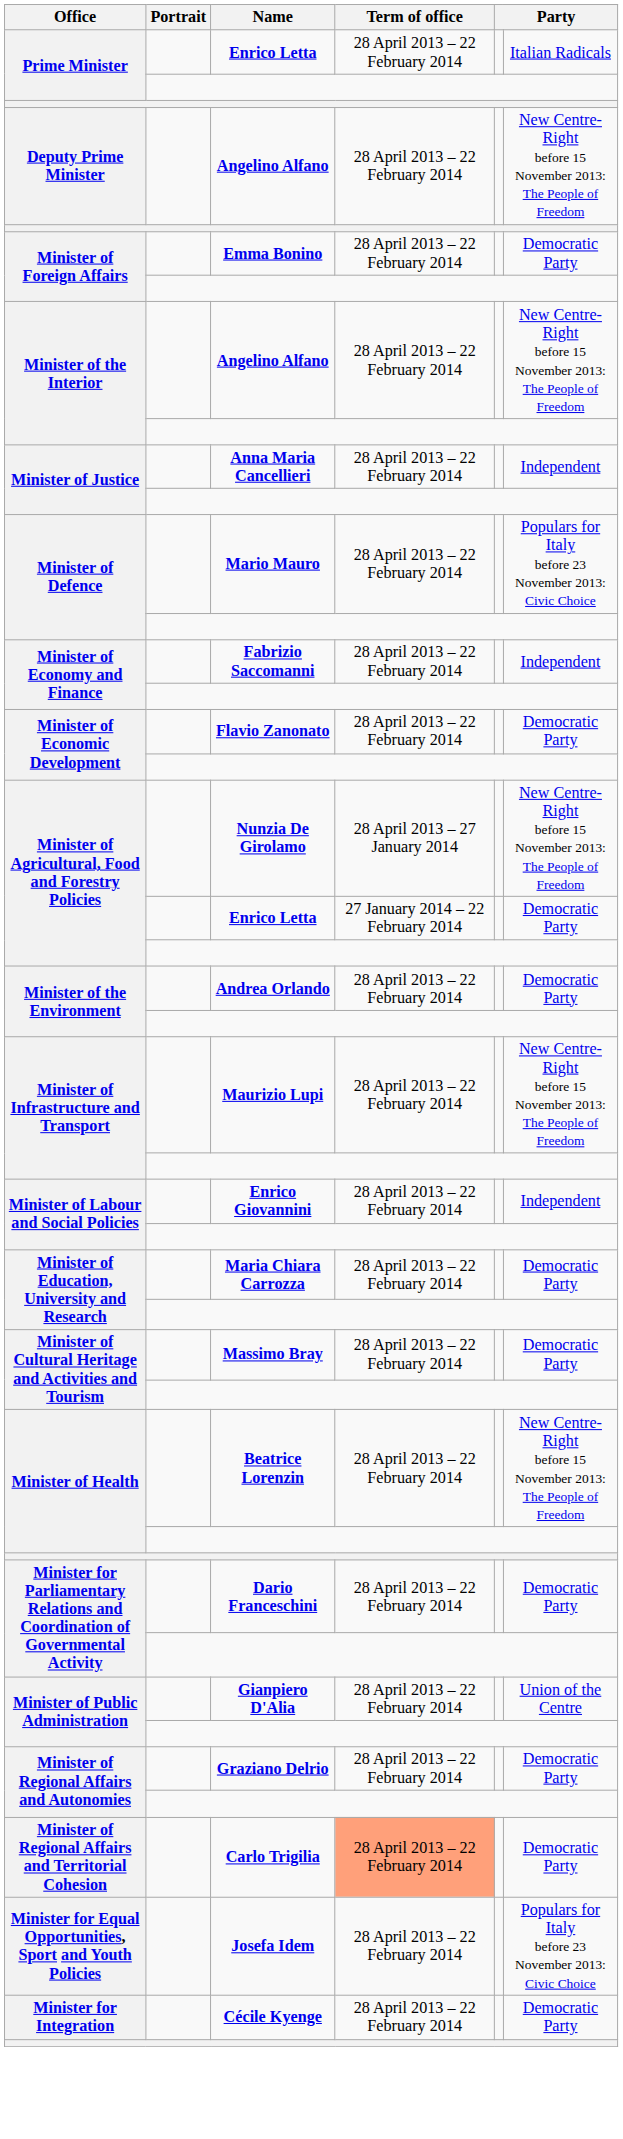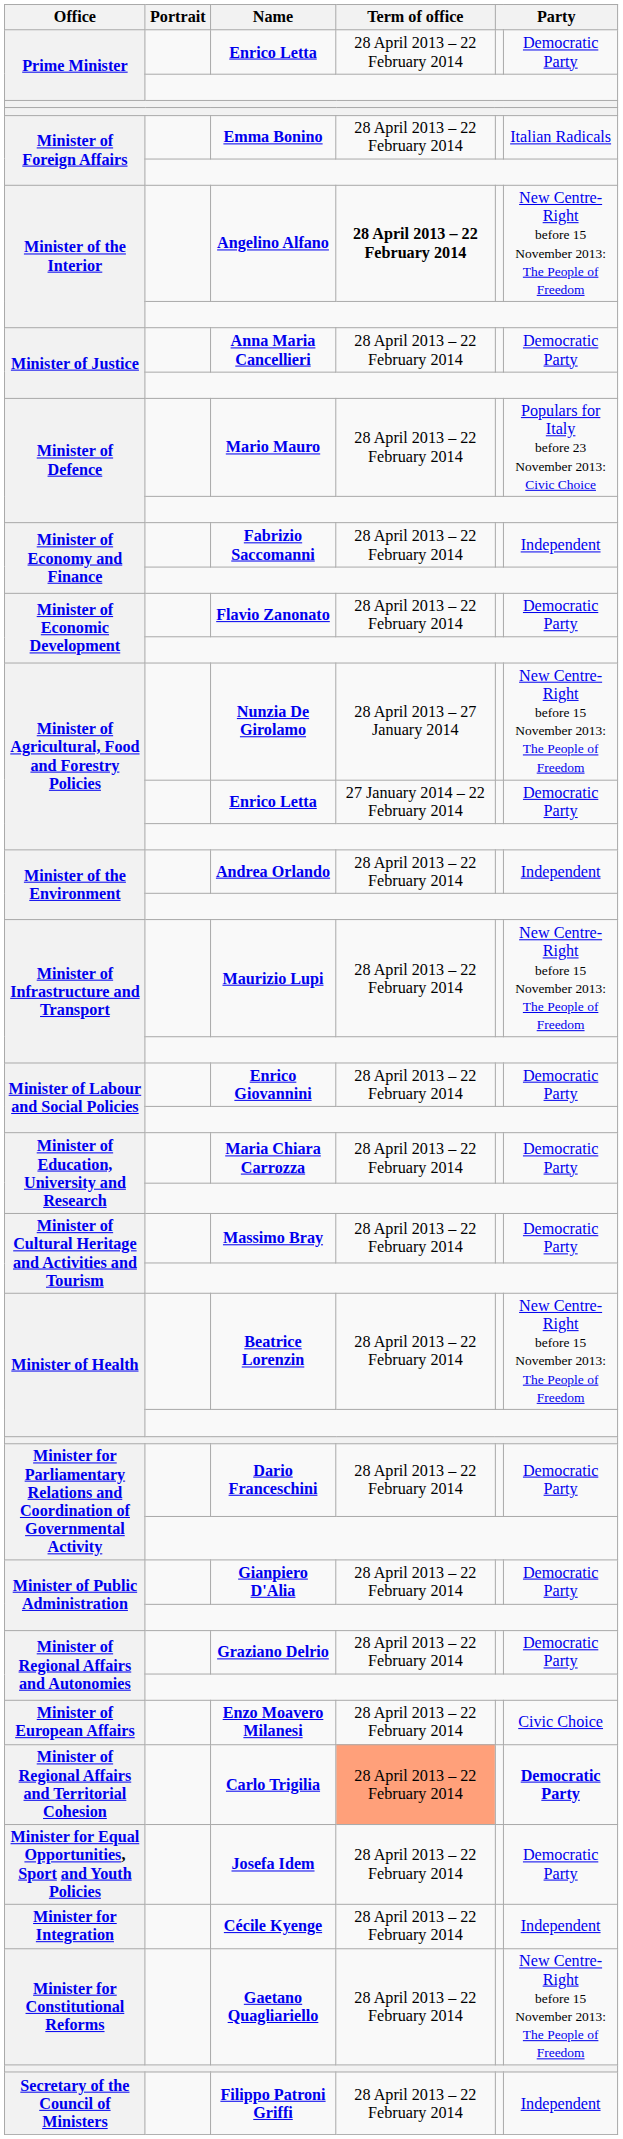 <table class="wikitable" style="text-align:center;">
 <tr>
 <th width=15%>Office</th>
 <th width=1%>Portrait</th>
 <th width=15%>Name</th>
 <th width=20%>Term of office</th>
 <th width=15% colspan=2>Party</th>
 </tr>
 <tr>
 <th rowspan=2><a href='#'>Prime Minister</a></th>
 <td></td>
 <td><strong><a href='#'>Enrico Letta</a></strong></td>
 <td>28 April 2013 – 22 February 2014</td>
 <td></td>
-<td><a href='#'>Italian Radicals</a></td>
+<td><a href='#'>Democratic Party</a></td>
 </tr>
 <tr>
 <td colspan="5" style="font-size:95%; line-height:19px;"><br></td>
 </tr>
 <tr>
 <th colspan=6></th>
-</tr>
-<tr>
-<th><a href='#'>Deputy Prime Minister</a></th>
-<td></td>
-<td><strong><a href='#'>Angelino Alfano</a></strong></td>
-<td>28 April 2013 – 22 February 2014</td>
-<td></td>
-<td><a href='#'>New Centre-Right</a><br><small>before 15 November 2013:<br><a href='#'>The People of Freedom</a></small></td>
 </tr>
 <tr>
 <th colspan=6></th>
 </tr>
 <tr>
 <th rowspan=2><a href='#'>Minister of Foreign Affairs</a></th>
 <td></td>
 <td><strong><a href='#'>Emma Bonino</a></strong></td>
 <td>28 April 2013 – 22 February 2014</td>
 <td></td>
-<td><a href='#'>Democratic Party</a></td>
+<td><a href='#'>Italian Radicals</a></td>
 </tr>
 <tr>
 <td colspan="5" style="font-size:95%; line-height:19px;"><br> </td>
 </tr>
 <tr>
 <th rowspan=2><a href='#'>Minister of the Interior</a></th>
 <td></td>
 <td><strong><a href='#'>Angelino Alfano</a></strong></td>
-<td>28 April 2013 – 22 February 2014</td>
+<td><strong>28 April 2013 – 22 February 2014</strong></td>
 <td></td>
 <td><a href='#'>New Centre-Right</a><br><small>before 15 November 2013:<br><a href='#'>The People of Freedom</a></small></td>
 </tr>
 <tr>
 <td colspan="5" style="font-size:95%; line-height:19px;"><br> </td>
 </tr>
 <tr>
 <th rowspan=2><a href='#'>Minister of Justice</a></th>
 <td></td>
 <td><strong><a href='#'>Anna Maria Cancellieri</a></strong></td>
 <td>28 April 2013 – 22 February 2014</td>
 <td style="color:inherit;background:"></td>
-<td><a href='#'>Independent</a></td>
+<td><a href='#'>Democratic Party</a></td>
 </tr>
 <tr>
 <td colspan="5" style="font-size:95%; line-height:19px;"><br></td>
 </tr>
 <tr>
 <th rowspan=2><a href='#'>Minister of Defence</a></th>
 <td></td>
 <td><strong><a href='#'>Mario Mauro</a></strong></td>
 <td>28 April 2013 – 22 February 2014</td>
 <td></td>
 <td><a href='#'>Populars for Italy</a><br><small>before 23 November 2013:<br><a href='#'>Civic Choice</a></small></td>
 </tr>
 <tr>
 <td colspan="5" style="font-size:95%; line-height:19px;"><br></td>
 </tr>
 <tr>
 <th rowspan=2><a href='#'>Minister of Economy and Finance</a></th>
 <td></td>
 <td><strong><a href='#'>Fabrizio Saccomanni</a></strong></td>
 <td>28 April 2013 – 22 February 2014</td>
 <td style="color:inherit;background:"></td>
 <td><a href='#'>Independent</a></td>
 </tr>
 <tr>
 <td colspan="5" style="font-size:95%; line-height:19px;"><br> </td>
 </tr>
 <tr>
 <th rowspan=2><a href='#'>Minister of Economic Development</a></th>
 <td></td>
 <td><strong><a href='#'>Flavio Zanonato</a></strong></td>
 <td>28 April 2013 – 22 February 2014</td>
 <td></td>
 <td><a href='#'>Democratic Party</a></td>
 </tr>
 <tr>
 <td colspan="5" style="font-size:95%; line-height:19px;"><br> </td>
 </tr>
 <tr>
 <th rowspan=3><a href='#'>Minister of Agricultural, Food and Forestry Policies</a></th>
 <td></td>
 <td><strong><a href='#'>Nunzia De Girolamo</a></strong></td>
 <td>28 April 2013 – 27 January 2014</td>
 <td></td>
 <td><a href='#'>New Centre-Right</a><br><small>before 15 November 2013:<br><a href='#'>The People of Freedom</a></small></td>
 </tr>
 <tr>
 <td></td>
 <td><strong><a href='#'>Enrico Letta</a></strong><br></td>
 <td>27 January 2014 – 22 February 2014</td>
 <td></td>
 <td><a href='#'>Democratic Party</a></td>
 </tr>
 <tr>
 <td colspan="5" style="font-size:95%; line-height:19px;"><br></td>
 </tr>
 <tr>
 <th rowspan=2><a href='#'>Minister of the Environment</a></th>
 <td></td>
 <td><strong><a href='#'>Andrea Orlando</a></strong></td>
 <td>28 April 2013 – 22 February 2014</td>
 <td></td>
-<td><a href='#'>Democratic Party</a></td>
+<td><a href='#'>Independent</a></td>
 </tr>
 <tr>
 <td colspan="5" style="font-size:95%; line-height:19px;"><br></td>
 </tr>
 <tr>
 <th rowspan=2><a href='#'>Minister of Infrastructure and Transport</a></th>
 <td></td>
 <td><strong><a href='#'>Maurizio Lupi</a></strong></td>
 <td>28 April 2013 – 22 February 2014</td>
 <td></td>
 <td><a href='#'>New Centre-Right</a><br><small>before 15 November 2013:<br><a href='#'>The People of Freedom</a></small></td>
 </tr>
 <tr>
 <td colspan="5" style="font-size:95%; line-height:19px;"><br> </td>
 </tr>
 <tr>
 <th rowspan=2><a href='#'>Minister of Labour and Social Policies</a></th>
 <td></td>
 <td><strong><a href='#'>Enrico Giovannini</a></strong></td>
 <td>28 April 2013 – 22 February 2014</td>
 <td style="color:inherit;background:"></td>
-<td><a href='#'>Independent</a></td>
+<td><a href='#'>Democratic Party</a></td>
 </tr>
 <tr>
 <td colspan="5" style="font-size:95%; line-height:19px;"><br> </td>
 </tr>
 <tr>
 <th rowspan=2><a href='#'>Minister of Education, University and Research</a></th>
 <td></td>
 <td><strong><a href='#'>Maria Chiara Carrozza</a></strong></td>
 <td>28 April 2013 – 22 February 2014</td>
 <td style="color:inherit;background:"></td>
 <td><a href='#'>Democratic Party</a></td>
 </tr>
 <tr>
 <td colspan="5" style="font-size:95%; line-height:19px;"><br></td>
 </tr>
 <tr>
 <th rowspan=2><a href='#'>Minister of Cultural Heritage and Activities and Tourism</a></th>
 <td></td>
 <td><strong><a href='#'>Massimo Bray</a></strong></td>
 <td>28 April 2013 – 22 February 2014</td>
 <td style="color:inherit;background:"></td>
 <td><a href='#'>Democratic Party</a></td>
 </tr>
 <tr>
 <td colspan="5" style="font-size:95%; line-height:19px;"><br></td>
 </tr>
 <tr>
 <th rowspan=2><a href='#'>Minister of Health</a></th>
 <td></td>
 <td><strong><a href='#'>Beatrice Lorenzin</a></strong></td>
 <td>28 April 2013 – 22 February 2014</td>
 <td></td>
 <td><a href='#'>New Centre-Right</a><br><small>before 15 November 2013:<br><a href='#'>The People of Freedom</a></small></td>
 </tr>
 <tr>
 <td colspan="5" style="font-size:95%; line-height:19px;"><br></td>
 </tr>
 <tr>
 <th colspan=6></th>
 </tr>
 <tr>
 <th rowspan=2><a href='#'>Minister for Parliamentary Relations and Coordination of Governmental Activity</a><br></th>
 <td></td>
 <td><strong><a href='#'>Dario Franceschini</a></strong></td>
 <td>28 April 2013 – 22 February 2014</td>
 <td style="color:inherit;background:"></td>
 <td><a href='#'>Democratic Party</a></td>
 </tr>
 <tr>
 <td colspan="5" style="font-size:95%; line-height:19px;"><br></td>
 </tr>
 <tr>
 <th rowspan=2><a href='#'>Minister of Public Administration</a><br></th>
 <td></td>
 <td><strong><a href='#'>Gianpiero D'Alia</a></strong></td>
 <td>28 April 2013 – 22 February 2014</td>
 <td></td>
-<td><a href='#'>Union of the Centre</a></td>
+<td><a href='#'>Democratic Party</a></td>
 </tr>
 <tr>
 <td colspan="5" style="font-size:95%; line-height:19px;"><br></td>
 </tr>
 <tr>
 <th rowspan=2><a href='#'>Minister of Regional Affairs and Autonomies</a><br></th>
 <td></td>
 <td><strong><a href='#'>Graziano Delrio</a></strong></td>
 <td>28 April 2013 – 22 February 2014</td>
 <td style="color:inherit;background:"></td>
 <td><a href='#'>Democratic Party</a></td>
 </tr>
 <tr>
 <td colspan="5" style="font-size:95%; line-height:19px;"><br></td>
 </tr>
 <tr>
+<th><a href='#'>Minister of European Affairs</a><br></th>
+<td></td>
+<td><strong><a href='#'>Enzo Moavero Milanesi</a></strong></td>
+<td>28 April 2013 – 22 February 2014</td>
+<td style="color:inherit;background:"></td>
+<td><a href='#'>Civic Choice</a></td>
+</tr>
+<tr>
 <th><a href='#'>Minister of Regional Affairs and Territorial Cohesion</a><br></th>
 <td></td>
 <td><strong><a href='#'>Carlo Trigilia</a></strong></td>
 <td style="background: lightsalmon;">28 April 2013 – 22 February 2014</td>
 <td style="color:inherit;background:"></td>
-<td><a href='#'>Democratic Party</a></td>
+<td><strong><a href='#'>Democratic Party</a></strong></td>
 </tr>
 <tr>
 <th><a href='#'>Minister for Equal Opportunities</a>, <a href='#'>Sport</a> <a href='#'>and Youth Policies</a><br></th>
 <td></td>
 <td><strong><a href='#'>Josefa Idem</a></strong></td>
 <td>28 April 2013 – 22 February 2014</td>
 <td style="color:inherit;background:"></td>
-<td><a href='#'>Populars for Italy</a><br><small>before 23 November 2013:<br><a href='#'>Civic Choice</a></small></td>
+<td><a href='#'>Democratic Party</a></td>
 </tr>
 <tr>
 <th><a href='#'>Minister for Integration</a><br></th>
 <td></td>
 <td><strong><a href='#'>Cécile Kyenge</a></strong></td>
 <td>28 April 2013 – 22 February 2014</td>
 <td style="color:inherit;background:"></td>
-<td><a href='#'>Democratic Party</a></td>
+<td><a href='#'>Independent</a></td>
+</tr>
+<tr>
+<th><a href='#'>Minister for Constitutional Reforms</a><br></th>
+<td></td>
+<td><strong><a href='#'>Gaetano Quagliariello</a></strong></td>
+<td>28 April 2013 – 22 February 2014</td>
+<td></td>
+<td><a href='#'>New Centre-Right</a><br><small>before 15 November 2013:<br><a href='#'>The People of Freedom</a></small></td>
 </tr>
 <tr>
 <th colspan=6></th>
 </tr>
+<tr>
+<th><a href='#'>Secretary of the Council of Ministers</a><br></th>
+<td></td>
+<td><strong><a href='#'>Filippo Patroni Griffi</a></strong></td>
+<td>28 April 2013 – 22 February 2014</td>
+<td style="color:inherit;background:"></td>
+<td><a href='#'>Independent</a></td>
+</tr>
 </table>
